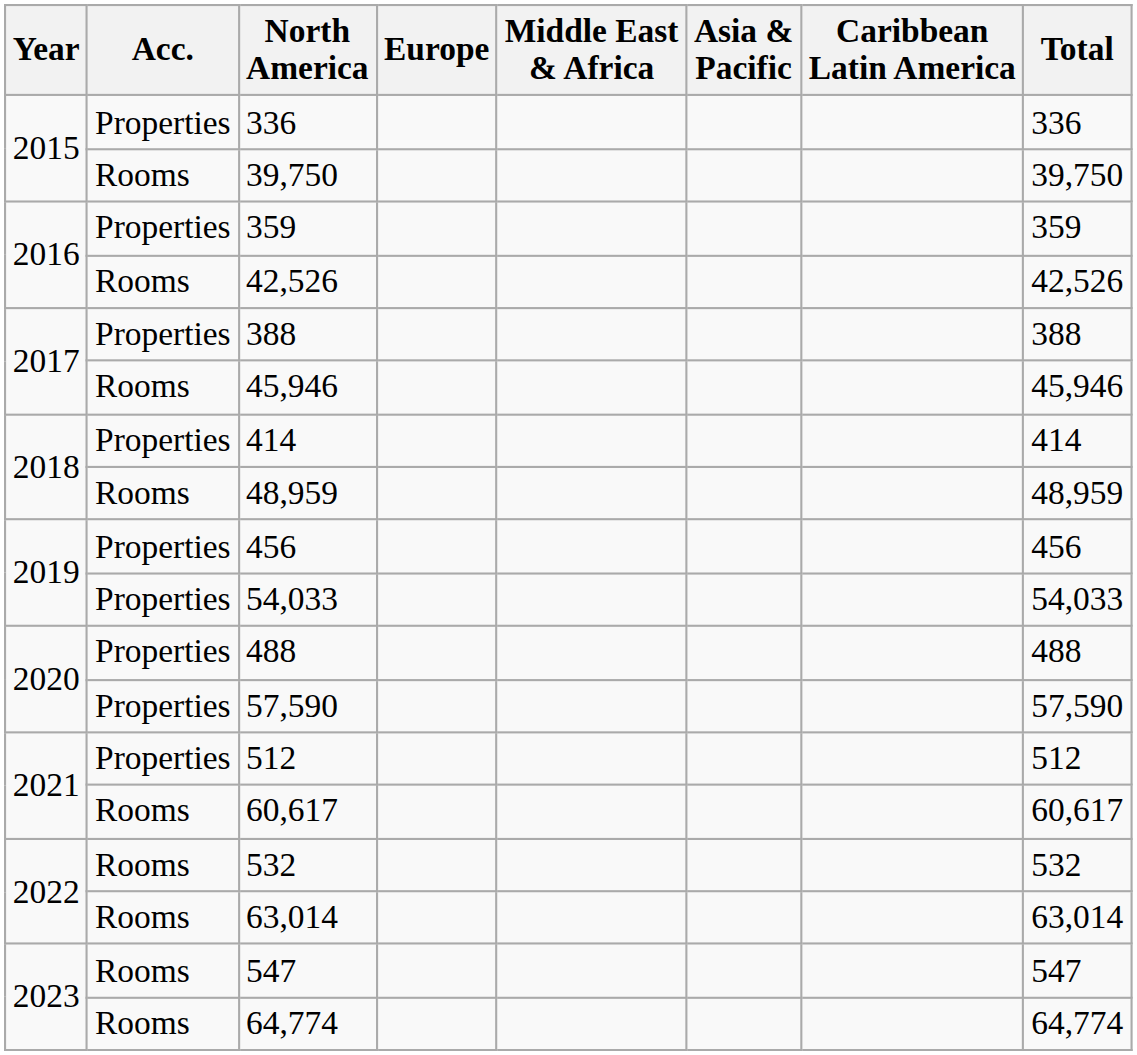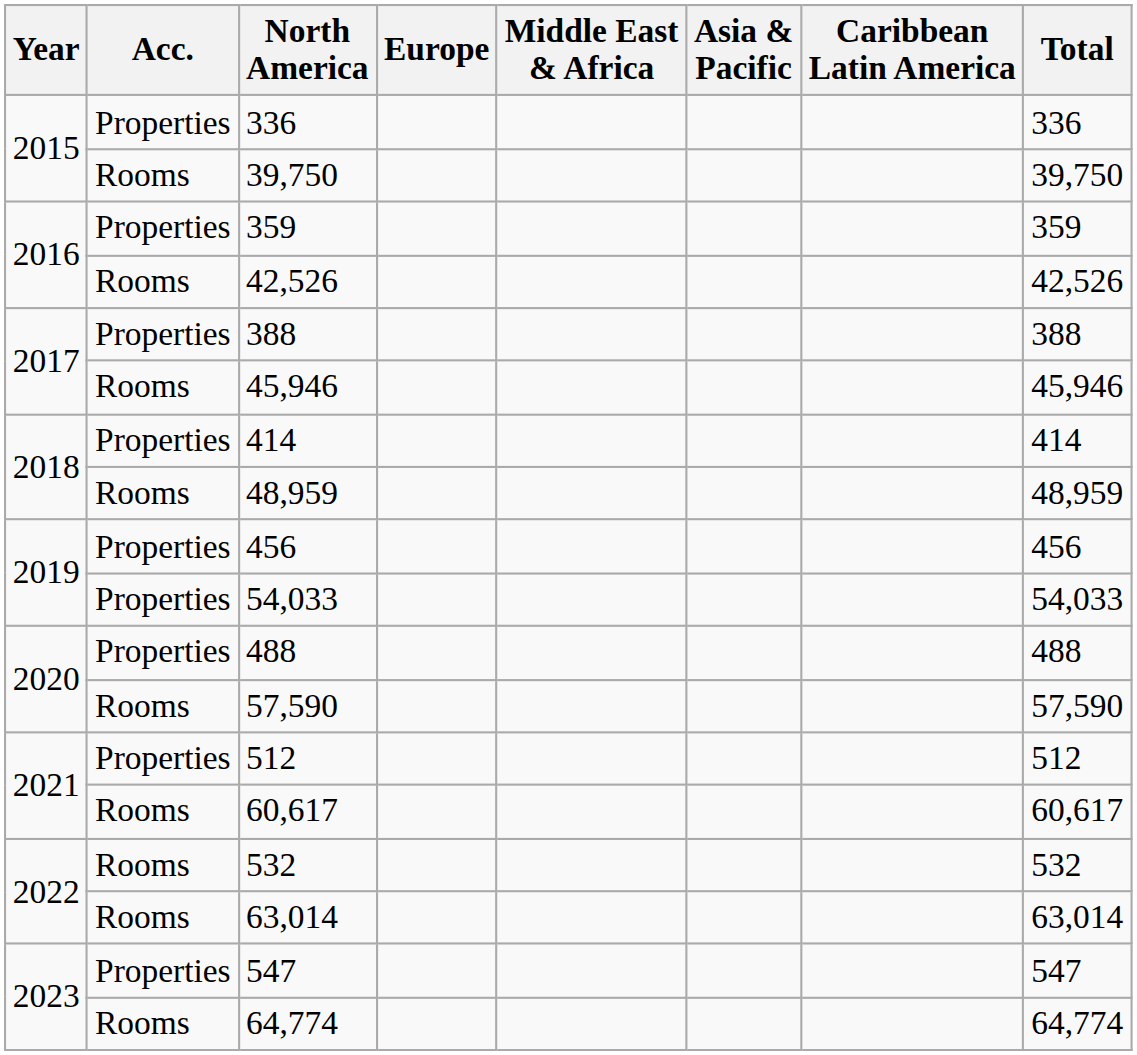 <table class="wikitable">
 <tr>
 <th class="unsortable">Year</th>
 <th>Acc.</th>
 <th>North<br>America</th>
 <th>Europe</th>
 <th>Middle East<br>& Africa</th>
 <th>Asia &<br>Pacific</th>
 <th>Caribbean<br>Latin America</th>
 <th>Total</th>
 </tr>
 <tr>
 <td rowspan=2>2015</td>
 <td>Properties</td>
 <td>336</td>
 <td></td>
 <td></td>
 <td></td>
 <td></td>
 <td>336</td>
 </tr>
 <tr>
 <td>Rooms</td>
 <td>39,750</td>
 <td></td>
 <td></td>
 <td></td>
 <td></td>
 <td>39,750</td>
 </tr>
 <tr>
 <td rowspan=2>2016</td>
 <td>Properties</td>
 <td>359</td>
 <td></td>
 <td></td>
 <td></td>
 <td></td>
 <td>359</td>
 </tr>
 <tr>
 <td>Rooms</td>
 <td>42,526</td>
 <td></td>
 <td></td>
 <td></td>
 <td></td>
 <td>42,526</td>
 </tr>
 <tr>
 <td rowspan=2>2017</td>
 <td>Properties</td>
 <td>388</td>
 <td></td>
 <td></td>
 <td></td>
 <td></td>
 <td>388</td>
 </tr>
 <tr>
 <td>Rooms</td>
 <td>45,946</td>
 <td></td>
 <td></td>
 <td></td>
 <td></td>
 <td>45,946</td>
 </tr>
 <tr>
 <td rowspan=2>2018</td>
 <td>Properties</td>
 <td>414</td>
 <td></td>
 <td></td>
 <td></td>
 <td></td>
 <td>414</td>
 </tr>
 <tr>
 <td>Rooms</td>
 <td>48,959</td>
 <td></td>
 <td></td>
 <td></td>
 <td></td>
 <td>48,959</td>
 </tr>
 <tr>
 <td rowspan=2>2019</td>
 <td>Properties</td>
 <td>456</td>
 <td></td>
 <td></td>
 <td></td>
 <td></td>
 <td>456</td>
 </tr>
 <tr>
 <td>Properties</td>
 <td>54,033</td>
 <td></td>
 <td></td>
 <td></td>
 <td></td>
 <td>54,033</td>
 </tr>
 <tr>
 <td rowspan=2>2020</td>
 <td>Properties</td>
 <td>488</td>
 <td></td>
 <td></td>
 <td></td>
 <td></td>
 <td>488</td>
 </tr>
 <tr>
-<td>Properties</td>
+<td>Rooms</td>
 <td>57,590</td>
 <td></td>
 <td></td>
 <td></td>
 <td></td>
 <td>57,590</td>
 </tr>
 <tr>
 <td rowspan=2>2021</td>
 <td>Properties</td>
 <td>512</td>
 <td></td>
 <td></td>
 <td></td>
 <td></td>
 <td>512</td>
 </tr>
 <tr>
 <td>Rooms</td>
 <td>60,617</td>
 <td></td>
 <td></td>
 <td></td>
 <td></td>
 <td>60,617</td>
 </tr>
 <tr>
 <td rowspan=2>2022</td>
 <td>Rooms</td>
 <td>532</td>
 <td></td>
 <td></td>
 <td></td>
 <td></td>
 <td>532</td>
 </tr>
 <tr>
 <td>Rooms</td>
 <td>63,014</td>
 <td></td>
 <td></td>
 <td></td>
 <td></td>
 <td>63,014</td>
 </tr>
 <tr>
 <td rowspan=2>2023</td>
-<td>Rooms</td>
+<td>Properties</td>
 <td>547</td>
 <td></td>
 <td></td>
 <td></td>
 <td></td>
 <td>547</td>
 </tr>
 <tr>
 <td>Rooms</td>
 <td>64,774</td>
 <td></td>
 <td></td>
 <td></td>
 <td></td>
 <td>64,774</td>
 </tr>
 </table>
